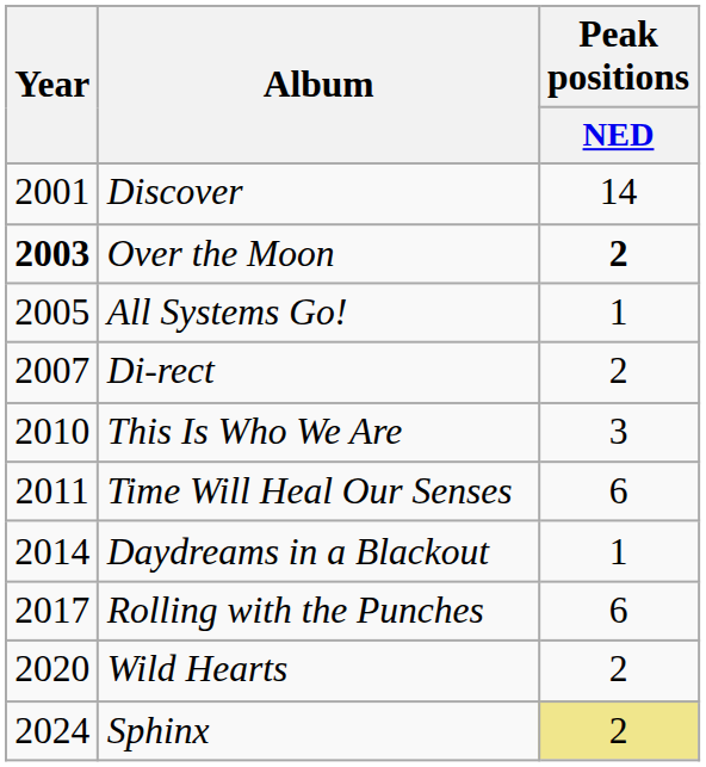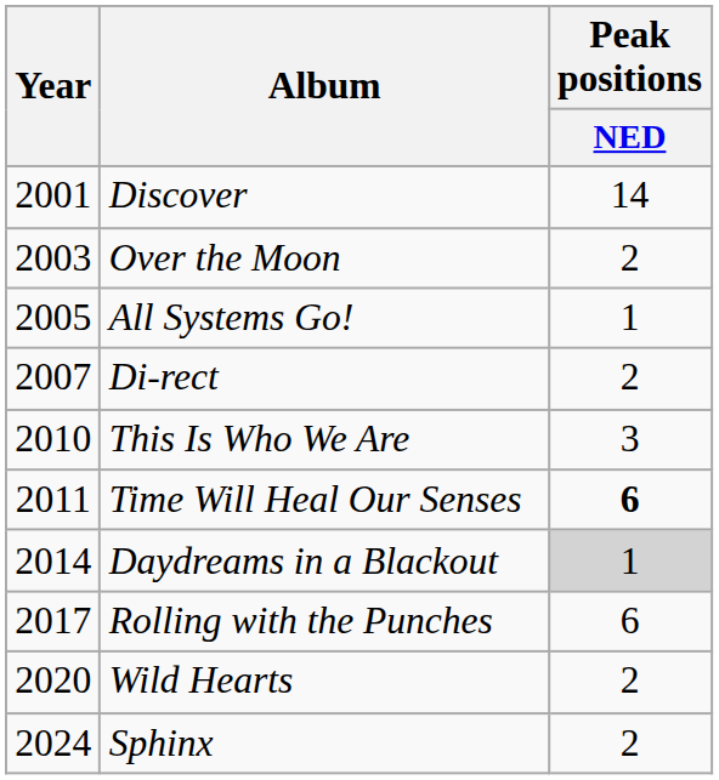 <table class="wikitable">
 <tr>
 <th align="center" rowspan="2" width="10">Year</th>
 <th align="center" rowspan="2" width="180">Album</th>
 <th align="center" colspan="1" width="20">Peak positions</th>
 </tr>
 <tr>
 <th scope="col" style="width:3em;font-size:90%;"><a href='#'>NED</a><br></th>
 </tr>
 <tr>
 <td style="text-align:center;">2001</td>
 <td><em>Discover</em></td>
 <td style="text-align:center;">14</td>
 </tr>
 <tr>
-<td style="text-align:center;"><strong>2003</strong></td>
+<td style="text-align:center;">2003</td>
 <td><em>Over the Moon</em></td>
-<td style="text-align:center;"><strong>2</strong></td>
+<td style="text-align:center;">2</td>
 </tr>
 <tr>
 <td style="text-align:center;">2005</td>
 <td><em>All Systems Go!</em></td>
 <td style="text-align:center;">1</td>
 </tr>
 <tr>
 <td style="text-align:center;">2007</td>
 <td><em>Di-rect</em></td>
 <td style="text-align:center;">2</td>
 </tr>
 <tr>
 <td style="text-align:center;">2010</td>
 <td><em>This Is Who We Are</em></td>
 <td style="text-align:center;">3</td>
 </tr>
 <tr>
 <td style="text-align:center;">2011</td>
 <td><em>Time Will Heal Our Senses</em></td>
-<td style="text-align:center;">6</td>
+<td style="text-align:center;"><strong>6</strong></td>
 </tr>
 <tr>
 <td style="text-align:center;">2014</td>
 <td><em>Daydreams in a Blackout</em></td>
-<td style="text-align:center;">1</td>
+<td style="background: lightgrey; text-align:center;">1</td>
 </tr>
 <tr>
 <td style="text-align:center;">2017</td>
 <td><em>Rolling with the Punches</em></td>
 <td style="text-align:center;">6</td>
 </tr>
 <tr>
 <td>2020</td>
 <td><em>Wild Hearts</em></td>
 <td style="text-align:center;">2</td>
 </tr>
 <tr>
 <td>2024</td>
 <td><em>Sphinx</em></td>
-<td style="background: khaki; text-align:center;">2</td>
+<td style="text-align:center;">2</td>
 </tr>
 </table>
